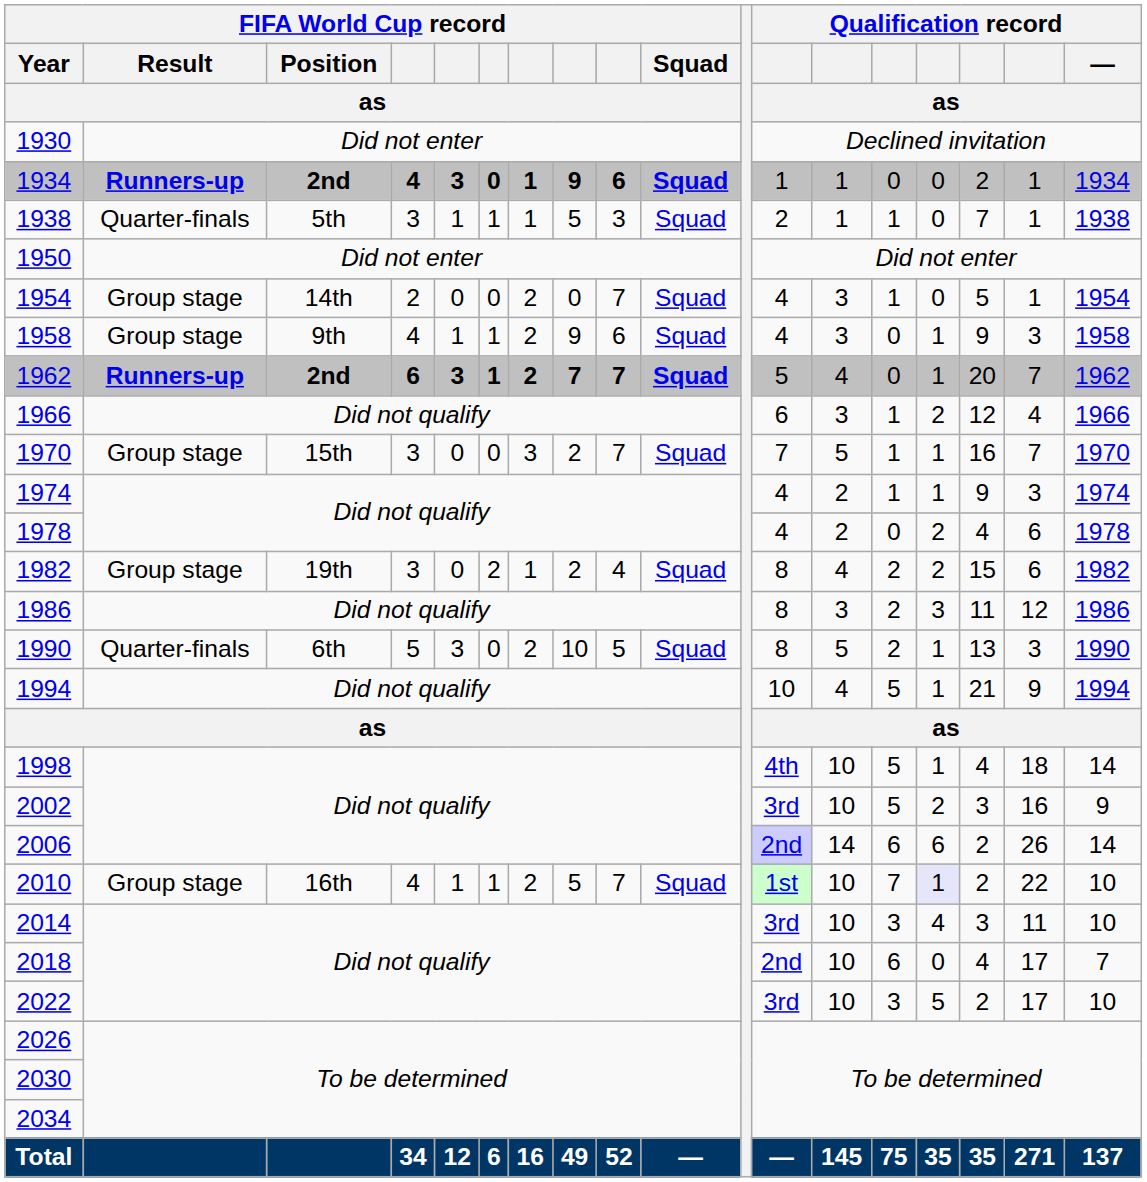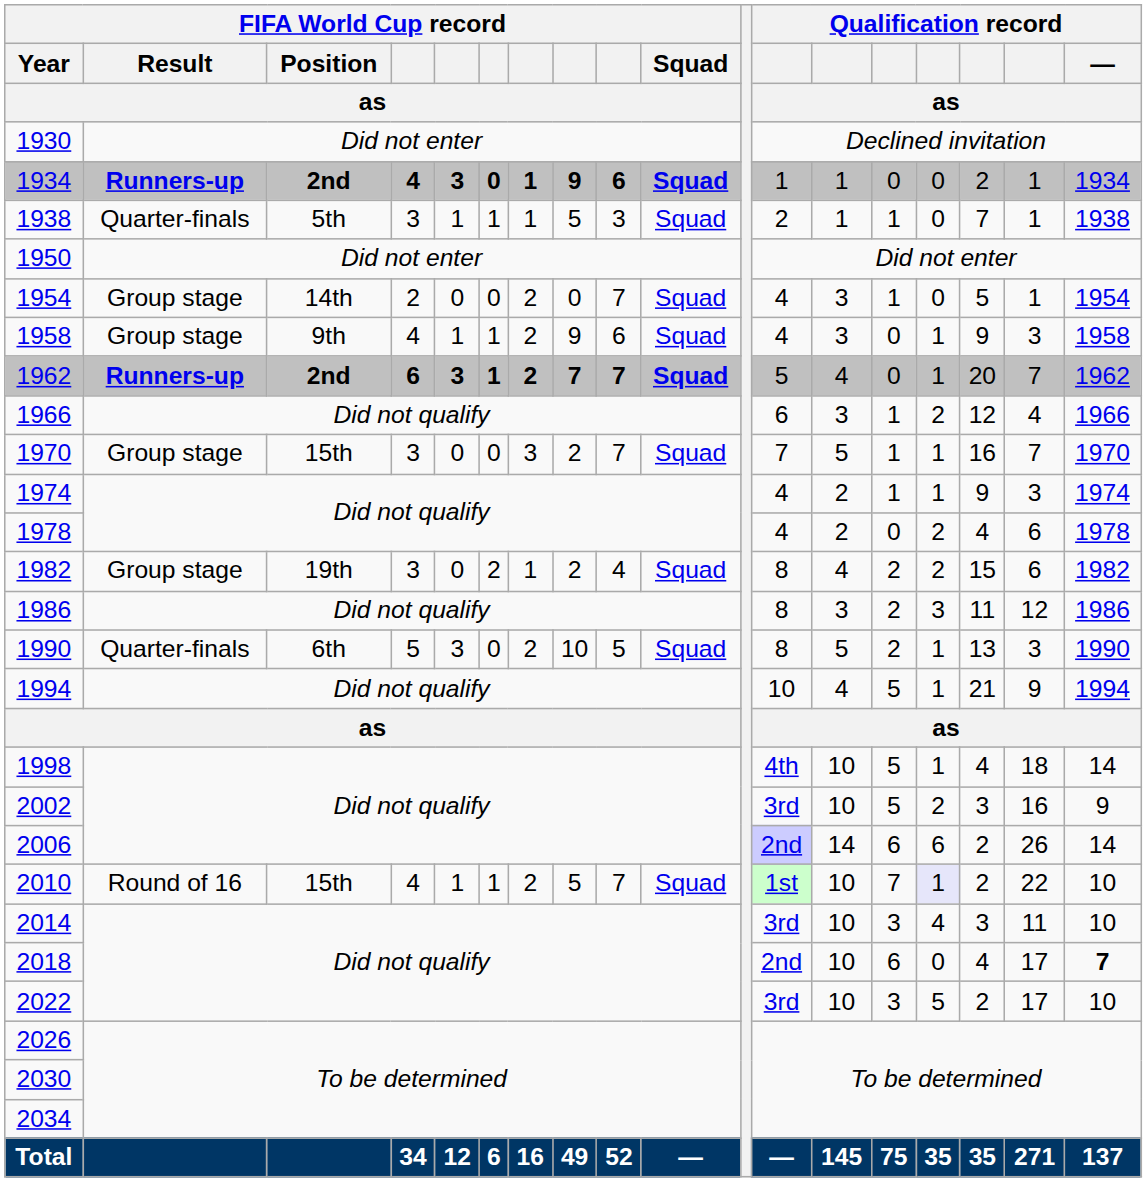 <table class="wikitable" style="text-align: center;">
 <tr>
 <th colspan=10><a href='#'>FIFA World Cup</a> record</th>
 <th width=1% rowspan=30></th>
 <th colspan=7><a href='#'>Qualification</a> record</th>
 </tr>
 <tr>
 <th>Year</th>
 <th>Result</th>
 <th>Position</th>
 <th></th>
 <th></th>
 <th></th>
 <th></th>
 <th></th>
 <th></th>
 <th>Squad</th>
 <th></th>
 <th></th>
 <th></th>
 <th></th>
 <th></th>
 <th></th>
 <th>—</th>
 </tr>
 <tr>
 <th colspan=10>as </th>
 <th colspan=8>as </th>
 </tr>
 <tr>
 <td> <a href='#'>1930</a></td>
 <td colspan=9><em>Did not enter</em></td>
 <td colspan=7><em>Declined invitation</em></td>
 </tr>
 <tr bgcolor=Silver>
 <td> <a href='#'>1934</a></td>
 <td><strong><a href='#'>Runners-up</a></strong></td>
 <td><strong>2nd</strong></td>
 <td><strong>4</strong></td>
 <td><strong>3</strong></td>
 <td><strong>0</strong></td>
 <td><strong>1</strong></td>
 <td><strong>9</strong></td>
 <td><strong>6</strong></td>
 <td><strong><a href='#'>Squad</a></strong></td>
 <td>1</td>
 <td>1</td>
 <td>0</td>
 <td>0</td>
 <td>2</td>
 <td>1</td>
 <td><a href='#'>1934</a></td>
 </tr>
 <tr>
 <td> <a href='#'>1938</a></td>
 <td>Quarter-finals</td>
 <td>5th</td>
 <td>3</td>
 <td>1</td>
 <td>1</td>
 <td>1</td>
 <td>5</td>
 <td>3</td>
 <td><a href='#'>Squad</a></td>
 <td>2</td>
 <td>1</td>
 <td>1</td>
 <td>0</td>
 <td>7</td>
 <td>1</td>
 <td><a href='#'>1938</a></td>
 </tr>
 <tr>
 <td> <a href='#'>1950</a></td>
 <td colspan=9><em>Did not enter</em></td>
 <td colspan=7><em>Did not enter</em></td>
 </tr>
 <tr>
 <td> <a href='#'>1954</a></td>
 <td>Group stage</td>
 <td>14th</td>
 <td>2</td>
 <td>0</td>
 <td>0</td>
 <td>2</td>
 <td>0</td>
 <td>7</td>
 <td><a href='#'>Squad</a></td>
 <td>4</td>
 <td>3</td>
 <td>1</td>
 <td>0</td>
 <td>5</td>
 <td>1</td>
 <td><a href='#'>1954</a></td>
 </tr>
 <tr>
 <td> <a href='#'>1958</a></td>
 <td>Group stage</td>
 <td>9th</td>
 <td>4</td>
 <td>1</td>
 <td>1</td>
 <td>2</td>
 <td>9</td>
 <td>6</td>
 <td><a href='#'>Squad</a></td>
 <td>4</td>
 <td>3</td>
 <td>0</td>
 <td>1</td>
 <td>9</td>
 <td>3</td>
 <td><a href='#'>1958</a></td>
 </tr>
 <tr bgcolor=silver>
 <td> <a href='#'>1962</a></td>
 <td><strong><a href='#'>Runners-up</a></strong></td>
 <td><strong>2nd</strong></td>
 <td><strong>6</strong></td>
 <td><strong>3</strong></td>
 <td><strong>1</strong></td>
 <td><strong>2</strong></td>
 <td><strong>7</strong></td>
 <td><strong>7</strong></td>
 <td><strong><a href='#'>Squad</a></strong></td>
 <td>5</td>
 <td>4</td>
 <td>0</td>
 <td>1</td>
 <td>20</td>
 <td>7</td>
 <td><a href='#'>1962</a></td>
 </tr>
 <tr>
 <td> <a href='#'>1966</a></td>
 <td colspan=9><em>Did not qualify</em></td>
 <td>6</td>
 <td>3</td>
 <td>1</td>
 <td>2</td>
 <td>12</td>
 <td>4</td>
 <td><a href='#'>1966</a></td>
 </tr>
 <tr>
 <td> <a href='#'>1970</a></td>
 <td>Group stage</td>
 <td>15th</td>
 <td>3</td>
 <td>0</td>
 <td>0</td>
 <td>3</td>
 <td>2</td>
 <td>7</td>
 <td><a href='#'>Squad</a></td>
 <td>7</td>
 <td>5</td>
 <td>1</td>
 <td>1</td>
 <td>16</td>
 <td>7</td>
 <td><a href='#'>1970</a></td>
 </tr>
 <tr>
 <td> <a href='#'>1974</a></td>
 <td colspan=9 rowspan=2><em>Did not qualify</em></td>
 <td>4</td>
 <td>2</td>
 <td>1</td>
 <td>1</td>
 <td>9</td>
 <td>3</td>
 <td><a href='#'>1974</a></td>
 </tr>
 <tr>
 <td> <a href='#'>1978</a></td>
 <td>4</td>
 <td>2</td>
 <td>0</td>
 <td>2</td>
 <td>4</td>
 <td>6</td>
 <td><a href='#'>1978</a></td>
 </tr>
 <tr>
 <td> <a href='#'>1982</a></td>
 <td>Group stage</td>
 <td>19th</td>
 <td>3</td>
 <td>0</td>
 <td>2</td>
 <td>1</td>
 <td>2</td>
 <td>4</td>
 <td><a href='#'>Squad</a></td>
 <td>8</td>
 <td>4</td>
 <td>2</td>
 <td>2</td>
 <td>15</td>
 <td>6</td>
 <td><a href='#'>1982</a></td>
 </tr>
 <tr>
 <td> <a href='#'>1986</a></td>
 <td colspan=9><em>Did not qualify</em></td>
 <td>8</td>
 <td>3</td>
 <td>2</td>
 <td>3</td>
 <td>11</td>
 <td>12</td>
 <td><a href='#'>1986</a></td>
 </tr>
 <tr>
 <td> <a href='#'>1990</a></td>
 <td>Quarter-finals</td>
 <td>6th</td>
 <td>5</td>
 <td>3</td>
 <td>0</td>
 <td>2</td>
 <td>10</td>
 <td>5</td>
 <td><a href='#'>Squad</a></td>
 <td>8</td>
 <td>5</td>
 <td>2</td>
 <td>1</td>
 <td>13</td>
 <td>3</td>
 <td><a href='#'>1990</a></td>
 </tr>
 <tr>
 <td> <a href='#'>1994</a></td>
 <td colspan=9><em>Did not qualify</em></td>
 <td>10</td>
 <td>4</td>
 <td>5</td>
 <td>1</td>
 <td>21</td>
 <td>9</td>
 <td><a href='#'>1994</a></td>
 </tr>
 <tr>
 <th colspan=10>as </th>
 <th colspan=8>as </th>
 </tr>
 <tr>
 <td> <a href='#'>1998</a></td>
 <td colspan=9 rowspan=3><em>Did not qualify</em></td>
 <td><a href='#'>4th</a></td>
 <td>10</td>
 <td>5</td>
 <td>1</td>
 <td>4</td>
 <td>18</td>
 <td>14</td>
 </tr>
 <tr>
 <td>  <a href='#'>2002</a></td>
 <td><a href='#'>3rd</a></td>
 <td>10</td>
 <td>5</td>
 <td>2</td>
 <td>3</td>
 <td>16</td>
 <td>9</td>
 </tr>
 <tr>
 <td> <a href='#'>2006</a></td>
 <td bgcolor=ccccff><a href='#'>2nd</a></td>
 <td>14</td>
 <td>6</td>
 <td>6</td>
 <td>2</td>
 <td>26</td>
 <td>14</td>
 </tr>
 <tr>
 <td> <a href='#'>2010</a></td>
-<td>Group stage</td>
-<td>16th</td>
+<td>Round of 16</td>
+<td>15th</td>
 <td>4</td>
 <td>1</td>
 <td>1</td>
 <td>2</td>
 <td>5</td>
 <td>7</td>
 <td><a href='#'>Squad</a></td>
 <td bgcolor=ccffcc><a href='#'>1st</a></td>
 <td>10</td>
 <td>7</td>
 <td style="background: lavender;">1</td>
 <td>2</td>
 <td>22</td>
 <td>10</td>
 </tr>
 <tr>
 <td> <a href='#'>2014</a></td>
 <td colspan=9 rowspan=3><em>Did not qualify</em></td>
 <td><a href='#'>3rd</a></td>
 <td>10</td>
 <td>3</td>
 <td>4</td>
 <td>3</td>
 <td>11</td>
 <td>10</td>
 </tr>
 <tr>
 <td> <a href='#'>2018</a></td>
 <td><a href='#'>2nd</a></td>
 <td>10</td>
 <td>6</td>
 <td>0</td>
 <td>4</td>
 <td>17</td>
-<td>7</td>
+<td><strong>7</strong></td>
 </tr>
 <tr>
 <td> <a href='#'>2022</a></td>
 <td><a href='#'>3rd</a></td>
 <td>10</td>
 <td>3</td>
 <td>5</td>
 <td>2</td>
 <td>17</td>
 <td>10</td>
 </tr>
 <tr>
 <td>   <a href='#'>2026</a></td>
 <td colspan=9 rowspan=3><em>To be determined</em></td>
 <td colspan=7 rowspan=3><em>To be determined</em></td>
 </tr>
 <tr>
 <td>   <a href='#'>2030</a></td>
 </tr>
 <tr>
 <td> <a href='#'>2034</a></td>
 </tr>
 <tr>
 <th style="background:#003665; color:white; ">Total</th>
 <th style="background:#003665; color:white; "></th>
 <th style="background:#003665; color:white; "></th>
 <th style="background:#003665; color:white; ">34</th>
 <th style="background:#003665; color:white; ">12</th>
 <th style="background:#003665; color:white; ">6</th>
 <th style="background:#003665; color:white; ">16</th>
 <th style="background:#003665; color:white; ">49</th>
 <th style="background:#003665; color:white; ">52</th>
 <th style="background:#003665; color:white; ">—</th>
 <th style="background:#003665; color:white; ">—</th>
 <th style="background:#003665; color:white; ">145</th>
 <th style="background:#003665; color:white; ">75</th>
 <th style="background:#003665; color:white; ">35</th>
 <th style="background:#003665; color:white; ">35</th>
 <th style="background:#003665; color:white; ">271</th>
 <th style="background:#003665; color:white; ">137</th>
 </tr>
 </table>
